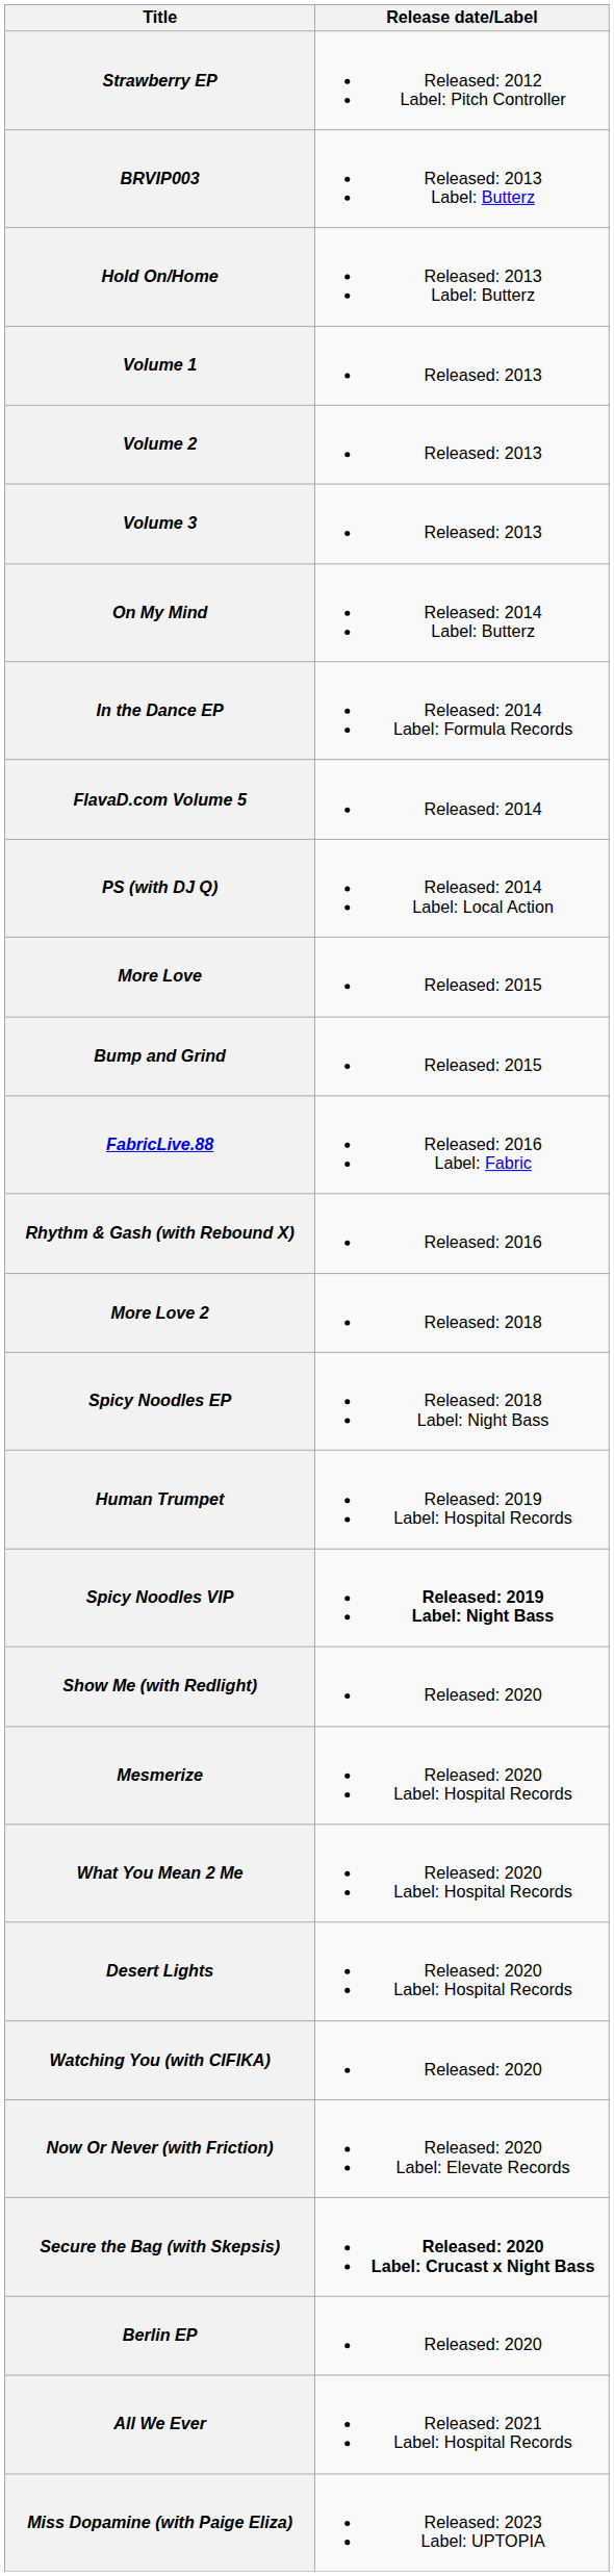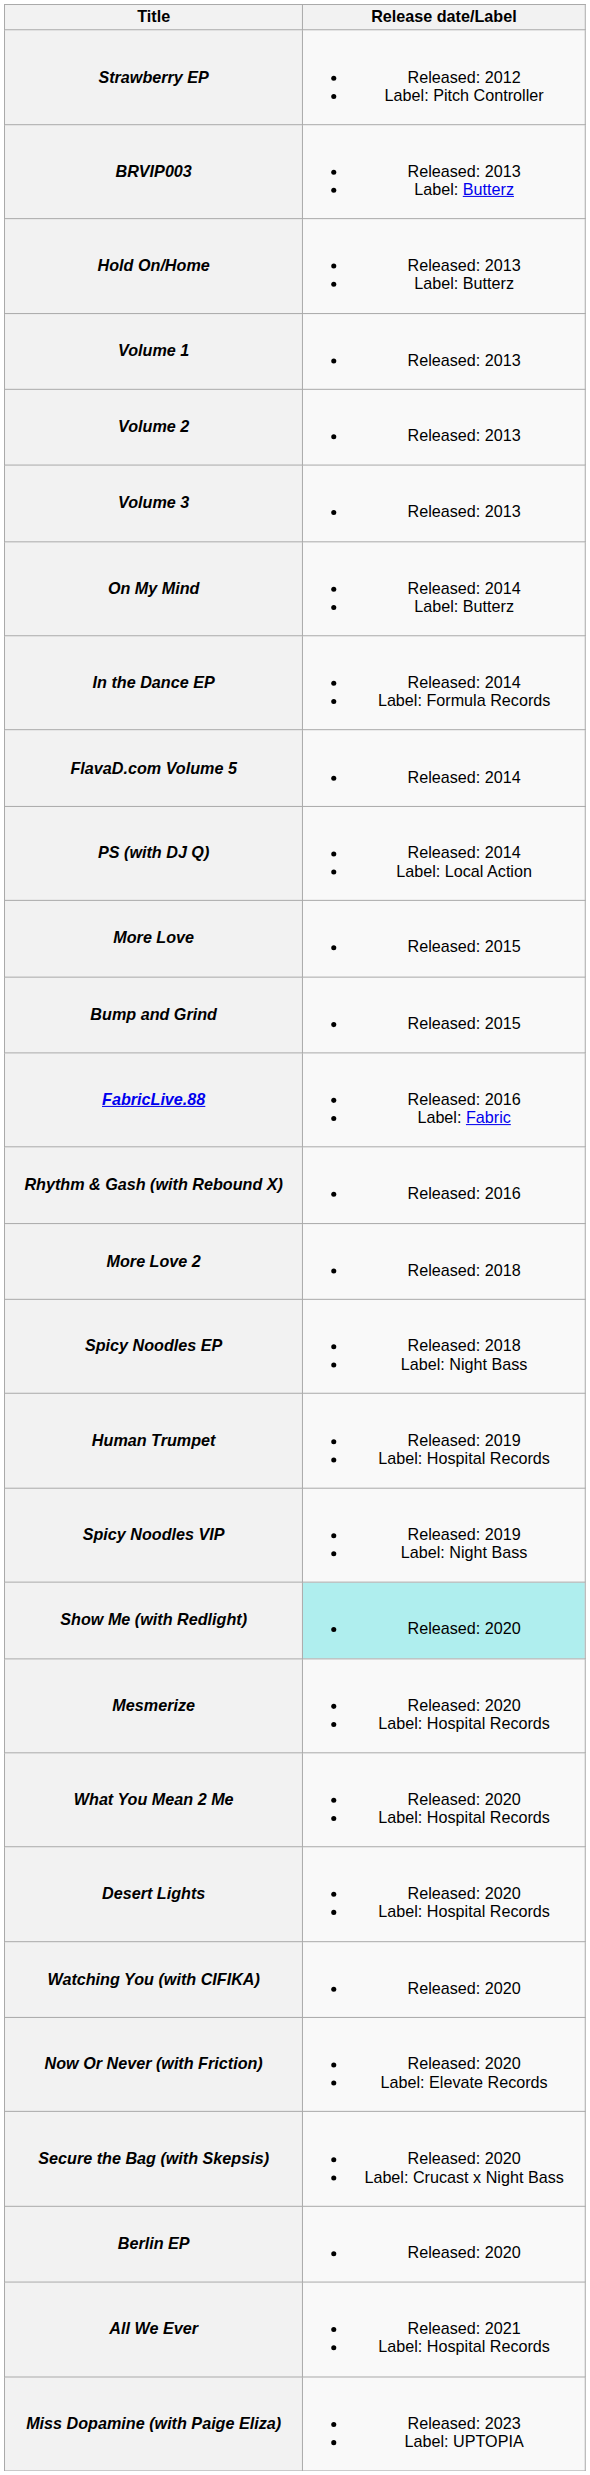 <table class="wikitable" style="text-align:center;">
 <tr>
 <th scope="col" style="width:18em;">Title</th>
 <th scope="col" style="width:17em;">Release date/Label</th>
 </tr>
 <tr>
 <th scope="row"><strong><em>Strawberry EP</em></strong></th>
 <td><br><ul><li>Released: 2012</li><li>Label: Pitch Controller</li></ul></td>
 </tr>
 <tr>
 <th scope="row"><strong><em>BRVIP003</em></strong></th>
 <td><br><ul><li>Released: 2013</li><li>Label: <a href='#'>Butterz</a></li></ul></td>
 </tr>
 <tr>
 <th scope="row"><strong><em>Hold On/Home</em></strong></th>
 <td><br><ul><li>Released: 2013</li><li>Label: Butterz</li></ul></td>
 </tr>
 <tr>
 <th scope="row"><strong><em>Volume 1</em></strong></th>
 <td><br><ul><li>Released: 2013</li></ul></td>
 </tr>
 <tr>
 <th scope="row"><strong><em>Volume 2</em></strong></th>
 <td><br><ul><li>Released: 2013</li></ul></td>
 </tr>
 <tr>
 <th scope="row"><strong><em>Volume 3</em></strong></th>
 <td><br><ul><li>Released: 2013</li></ul></td>
 </tr>
 <tr>
 <th scope="row"><strong><em>On My Mind</em></strong></th>
 <td><br><ul><li>Released: 2014</li><li>Label: Butterz</li></ul></td>
 </tr>
 <tr>
 <th scope="row"><strong><em>In the Dance EP </em></strong></th>
 <td><br><ul><li>Released: 2014</li><li>Label: Formula Records</li></ul></td>
 </tr>
 <tr>
 <th scope="row"><strong><em>FlavaD.com Volume 5</em></strong></th>
 <td><br><ul><li>Released: 2014</li></ul></td>
 </tr>
 <tr>
 <th scope="row"><strong><em>PS (with DJ Q)</em></strong></th>
 <td><br><ul><li>Released: 2014</li><li>Label: Local Action</li></ul></td>
 </tr>
 <tr>
 <th scope="row"><strong><em>More Love</em></strong></th>
 <td><br><ul><li>Released: 2015</li></ul></td>
 </tr>
 <tr>
 <th scope="row"><strong><em>Bump and Grind</em></strong></th>
 <td><br><ul><li>Released: 2015</li></ul></td>
 </tr>
 <tr>
 <th scope="row"><strong><em><a href='#'>FabricLive.88</a></em></strong></th>
 <td><br><ul><li>Released: 2016</li><li>Label: <a href='#'>Fabric</a></li></ul></td>
 </tr>
 <tr>
 <th scope="row"><strong><em>Rhythm & Gash (with Rebound X)</em></strong></th>
 <td><br><ul><li>Released: 2016</li></ul></td>
 </tr>
 <tr>
 <th scope="row"><strong><em>More Love 2</em></strong></th>
 <td><br><ul><li>Released: 2018</li></ul></td>
 </tr>
 <tr>
 <th scope="row"><strong><em>Spicy Noodles EP</em></strong></th>
 <td><br><ul><li>Released: 2018</li><li>Label: Night Bass</li></ul></td>
 </tr>
 <tr>
 <th scope="row"><strong><em>Human Trumpet</em></strong></th>
 <td><br><ul><li>Released: 2019</li><li>Label: Hospital Records</li></ul></td>
 </tr>
 <tr>
 <th scope="row"><strong><em>Spicy Noodles VIP</em></strong></th>
-<td><strong><br><ul><li>Released: 2019</li><li>Label: Night Bass</li></ul></strong></td>
+<td><br><ul><li>Released: 2019</li><li>Label: Night Bass</li></ul></td>
 </tr>
 <tr>
 <th scope="row"><strong><em>Show Me (with Redlight) </em></strong></th>
-<td><br><ul><li>Released: 2020</li></ul></td>
+<td style="background: paleturquoise;"><br><ul><li>Released: 2020</li></ul></td>
 </tr>
 <tr>
 <th scope="row"><strong><em>Mesmerize</em></strong></th>
 <td><br><ul><li>Released: 2020</li><li>Label: Hospital Records</li></ul></td>
 </tr>
 <tr>
 <th scope="row"><strong><em>What You Mean 2 Me</em></strong></th>
 <td><br><ul><li>Released: 2020</li><li>Label: Hospital Records</li></ul></td>
 </tr>
 <tr>
 <th scope="row"><strong><em>Desert Lights</em></strong></th>
 <td><br><ul><li>Released: 2020</li><li>Label: Hospital Records</li></ul></td>
 </tr>
 <tr>
 <th scope="row"><strong><em>Watching You (with CIFIKA)</em></strong></th>
 <td><br><ul><li>Released: 2020</li></ul></td>
 </tr>
 <tr>
 <th scope="row"><strong><em>Now Or Never (with Friction)</em></strong></th>
 <td><br><ul><li>Released: 2020</li><li>Label: Elevate Records</li></ul></td>
 </tr>
 <tr>
 <th scope="row"><strong><em>Secure the Bag (with Skepsis)</em></strong></th>
-<td><strong><br><ul><li>Released: 2020</li><li>Label: Crucast x Night Bass</li></ul></strong></td>
+<td><br><ul><li>Released: 2020</li><li>Label: Crucast x Night Bass</li></ul></td>
 </tr>
 <tr>
 <th scope="row"><strong><em>Berlin EP</em></strong></th>
 <td><br><ul><li>Released: 2020</li></ul></td>
 </tr>
 <tr>
 <th scope="row"><strong><em>All We Ever</em></strong></th>
 <td><br><ul><li>Released: 2021</li><li>Label: Hospital Records</li></ul></td>
 </tr>
 <tr>
 <th scope="row"><strong><em>Miss Dopamine (with Paige Eliza)</em></strong></th>
 <td><br><ul><li>Released: 2023</li><li>Label: UPTOPIA</li></ul></td>
 </tr>
 </table>
